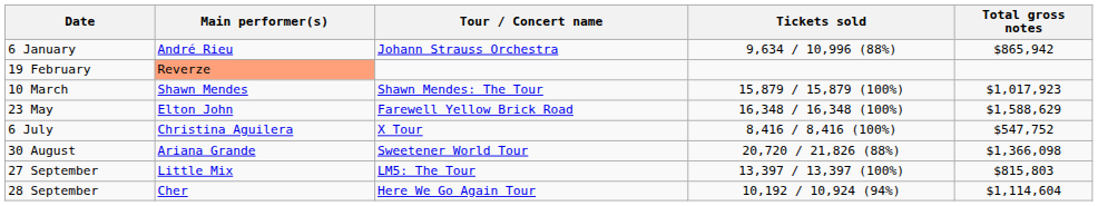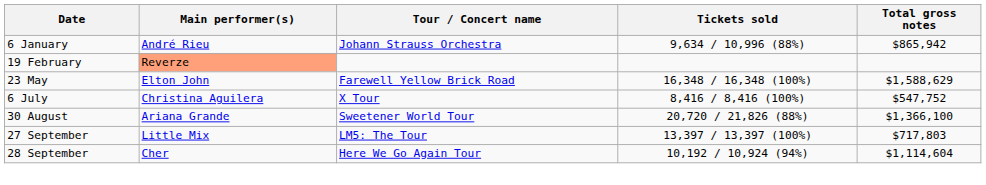 <table class="wikitable"  style="text-align:left; font-size:95%; width:85%;">
 <tr>
 <th style="text-align:center;">Date</th>
 <th style="text-align:center;">Main performer(s)</th>
 <th style="text-align:center;">Tour / Concert name</th>
 <th style="text-align:center;">Tickets sold</th>
 <th style="text-align:center;">Total gross<br>notes</th>
 </tr>
 <tr>
 <td>6 January</td>
 <td><a href='#'>André Rieu</a></td>
 <td><a href='#'>Johann Strauss Orchestra</a></td>
 <td align=center>9,634 / 10,996 (88%)</td>
 <td align=center>$865,942</td>
 </tr>
 <tr>
 <td>19 February</td>
 <td style="background: lightsalmon;">Reverze</td>
 <td></td>
 <td></td>
 <td></td>
 </tr>
 <tr>
-<td>10 March</td>
-<td><a href='#'>Shawn Mendes</a></td>
-<td><a href='#'>Shawn Mendes: The Tour</a></td>
-<td align=center>15,879 / 15,879 (100%)</td>
-<td align=center>$1,017,923</td>
-</tr>
-<tr>
 <td>23 May</td>
 <td><a href='#'>Elton John</a></td>
 <td><a href='#'>Farewell Yellow Brick Road</a></td>
 <td align=center>16,348 / 16,348 (100%)</td>
 <td align=center>$1,588,629</td>
 </tr>
 <tr>
 <td>6 July</td>
 <td><a href='#'>Christina Aguilera</a></td>
 <td><a href='#'>X Tour</a></td>
 <td align=center>8,416 / 8,416 (100%)</td>
 <td align=center>$547,752</td>
 </tr>
 <tr>
 <td>30 August</td>
 <td><a href='#'>Ariana Grande</a></td>
 <td><a href='#'>Sweetener World Tour</a></td>
 <td align=center>20,720 / 21,826 (88%)</td>
-<td align=center>$1,366,098</td>
+<td align=center>$1,366,100</td>
 </tr>
 <tr>
 <td>27 September</td>
 <td><a href='#'>Little Mix</a></td>
 <td><a href='#'>LM5: The Tour</a></td>
 <td align=center>13,397 / 13,397 (100%)</td>
-<td align=center>$815,803</td>
+<td align=center>$717,803</td>
 </tr>
 <tr>
 <td>28 September</td>
 <td><a href='#'>Cher</a></td>
 <td><a href='#'>Here We Go Again Tour</a></td>
 <td align=center>10,192 / 10,924 (94%)</td>
 <td align=center>$1,114,604</td>
 </tr>
 </table>
